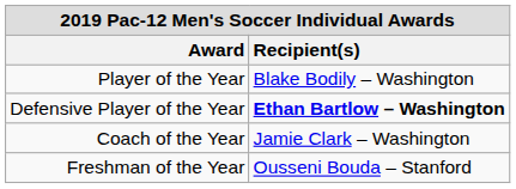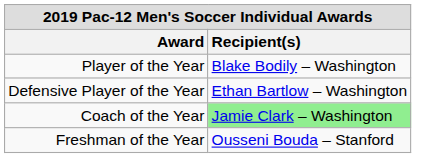 <table class="wikitable" style="white-space:nowrap; font-size:90%;">
 <tr>
 <td colspan="7" style="text-align:center; background:#ddd;"><strong>2019 Pac-12 Men's Soccer Individual Awards</strong></td>
 </tr>
 <tr>
 <th style="text-align:right;">Award</th>
 <th style="text-align:left;">Recipient(s)</th>
 </tr>
 <tr>
 <td style="text-align:right;">Player of the Year</td>
 <td style="text-align:left;"><a href='#'>Blake Bodily</a> – Washington</td>
 </tr>
 <tr>
 <td style="text-align:right;">Defensive Player of the Year</td>
-<td style="text-align:left;"><strong><a href='#'>Ethan Bartlow</a> – Washington</strong></td>
+<td style="text-align:left;"><a href='#'>Ethan Bartlow</a> – Washington</td>
 </tr>
 <tr>
 <td style="text-align:right;">Coach of the Year</td>
-<td style="text-align:left;"><a href='#'>Jamie Clark</a> – Washington</td>
+<td style="background: lightgreen; text-align:left;"><a href='#'>Jamie Clark</a> – Washington</td>
 </tr>
 <tr>
 <td style="text-align:right;">Freshman of the Year</td>
 <td style="text-align:left;"><a href='#'>Ousseni Bouda</a> – Stanford</td>
 </tr>
 </table>
